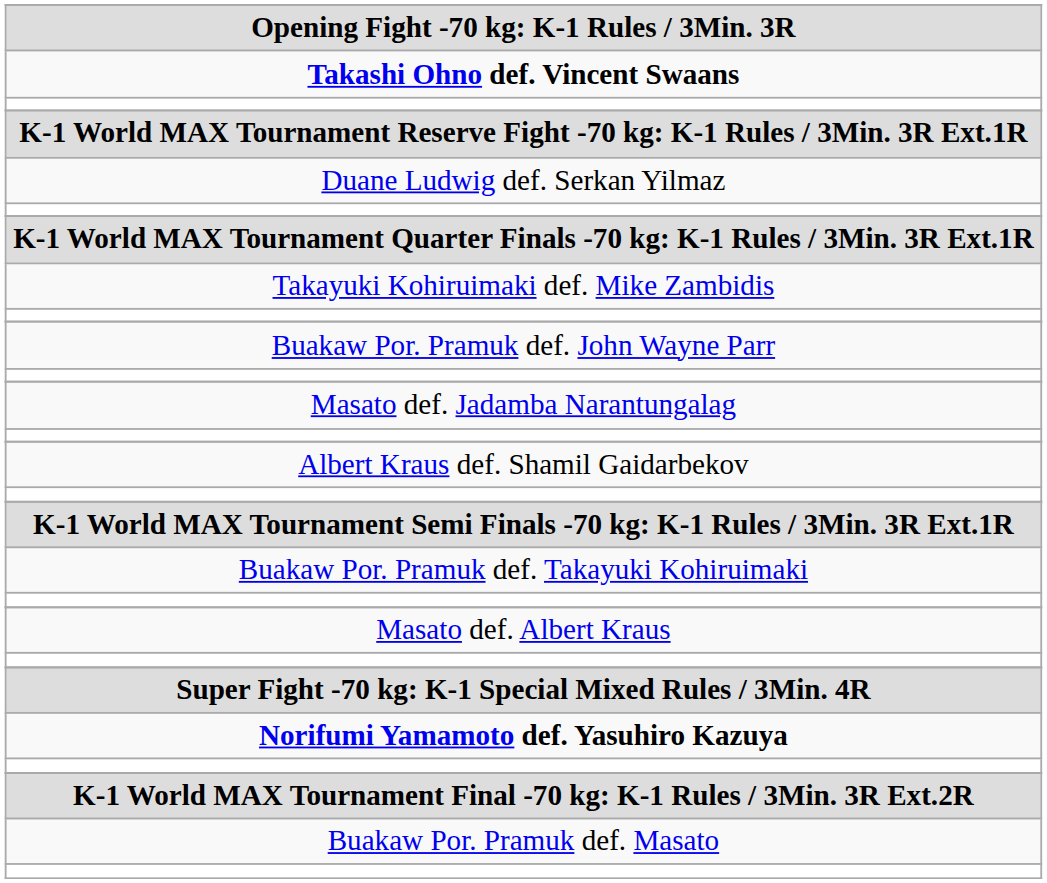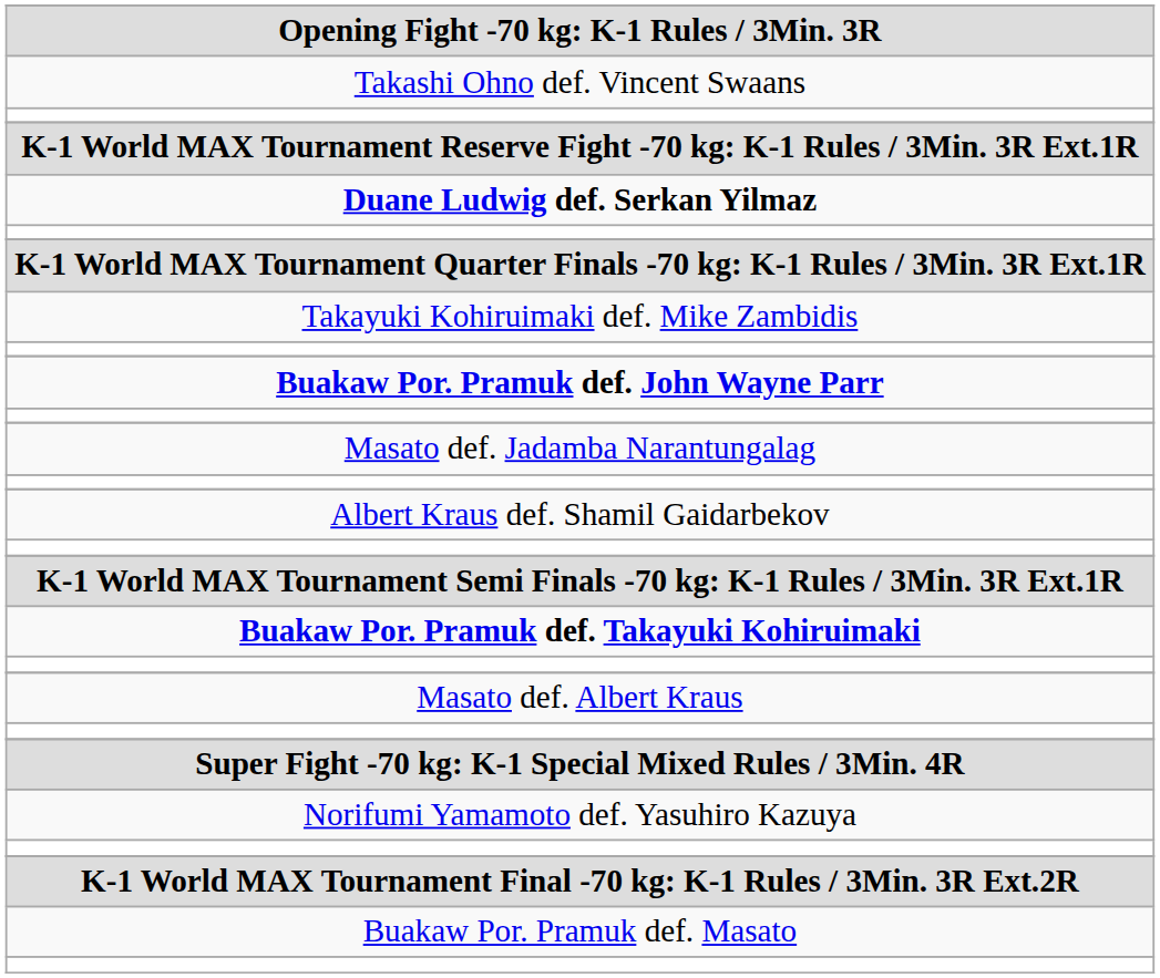 <table class="wikitable" style="clear:both; margin:1.5em auto; text-align:center;">
 <tr>
 </tr>
 <tr align="center"  bgcolor="#dddddd">
 <td><strong>Opening Fight -70 kg: K-1 Rules / 3Min. 3R</strong></td>
 </tr>
 <tr align="center"  bgcolor=>
-<td align=center><strong> <a href='#'>Takashi Ohno</a> def. Vincent Swaans </strong></td>
+<td align=center> <a href='#'>Takashi Ohno</a> def. Vincent Swaans </td>
 </tr>
 <tr>
 <th style=background:white colspan=2></th>
 </tr>
 <tr>
 </tr>
 <tr align="center"  bgcolor="#dddddd">
 <td><strong>K-1 World MAX Tournament Reserve Fight -70 kg: K-1 Rules / 3Min. 3R Ext.1R</strong></td>
 </tr>
 <tr align="center"  bgcolor=>
-<td align=center> <a href='#'>Duane Ludwig</a> def. Serkan Yilmaz </td>
+<td align=center><strong> <a href='#'>Duane Ludwig</a> def. Serkan Yilmaz </strong></td>
 </tr>
 <tr>
 <th style=background:white colspan=2></th>
 </tr>
 <tr>
 </tr>
 <tr align="center"  bgcolor="#dddddd">
 <td><strong>K-1 World MAX Tournament Quarter Finals -70 kg: K-1 Rules / 3Min. 3R Ext.1R</strong></td>
 </tr>
 <tr align="center"  bgcolor=>
 <td align=center> <a href='#'>Takayuki Kohiruimaki</a> def. <a href='#'>Mike Zambidis</a> </td>
 </tr>
 <tr>
 <th style=background:white colspan=2></th>
 </tr>
 <tr>
 </tr>
 <tr align="center"  bgcolor=>
-<td align=center> <a href='#'>Buakaw Por. Pramuk</a> def. <a href='#'>John Wayne Parr</a> </td>
+<td align=center><strong> <a href='#'>Buakaw Por. Pramuk</a> def. <a href='#'>John Wayne Parr</a> </strong></td>
 </tr>
 <tr>
 <th style=background:white colspan=2></th>
 </tr>
 <tr>
 </tr>
 <tr align="center"  bgcolor=>
 <td align=center> <a href='#'>Masato</a> def. <a href='#'>Jadamba Narantungalag</a> </td>
 </tr>
 <tr>
 <th style=background:white colspan=2></th>
 </tr>
 <tr>
 </tr>
 <tr align="center"  bgcolor=>
 <td align=center> <a href='#'>Albert Kraus</a> def. Shamil Gaidarbekov </td>
 </tr>
 <tr>
 <th style=background:white colspan=2></th>
 </tr>
 <tr>
 </tr>
 <tr align="center"  bgcolor="#dddddd">
 <td><strong>K-1 World MAX Tournament Semi Finals -70 kg: K-1 Rules / 3Min. 3R Ext.1R</strong></td>
 </tr>
 <tr align="center"  bgcolor=>
-<td align=center> <a href='#'>Buakaw Por. Pramuk</a> def. <a href='#'>Takayuki Kohiruimaki</a> </td>
+<td align=center><strong> <a href='#'>Buakaw Por. Pramuk</a> def. <a href='#'>Takayuki Kohiruimaki</a> </strong></td>
 </tr>
 <tr>
 <th style=background:white colspan=2></th>
 </tr>
 <tr>
 </tr>
 <tr align="center"  bgcolor=>
 <td align=center> <a href='#'>Masato</a> def. <a href='#'>Albert Kraus</a> </td>
 </tr>
 <tr>
 <th style=background:white colspan=2></th>
 </tr>
 <tr>
 </tr>
 <tr align="center"  bgcolor="#dddddd">
 <td><strong>Super Fight -70 kg: K-1 Special Mixed Rules / 3Min. 4R</strong></td>
 </tr>
 <tr align="center"  bgcolor=>
-<td align=center><strong> <a href='#'>Norifumi Yamamoto</a> def. Yasuhiro Kazuya </strong></td>
+<td align=center> <a href='#'>Norifumi Yamamoto</a> def. Yasuhiro Kazuya </td>
 </tr>
 <tr>
 <th style=background:white colspan=2></th>
 </tr>
 <tr>
 </tr>
 <tr align="center"  bgcolor="#dddddd">
 <td><strong>K-1 World MAX Tournament Final -70 kg: K-1 Rules / 3Min. 3R Ext.2R</strong></td>
 </tr>
 <tr align="center"  bgcolor=>
 <td align=center> <a href='#'>Buakaw Por. Pramuk</a> def. <a href='#'>Masato</a> </td>
 </tr>
 <tr>
 <th style=background:white colspan=2></th>
 </tr>
 <tr>
 </tr>
 </table>
